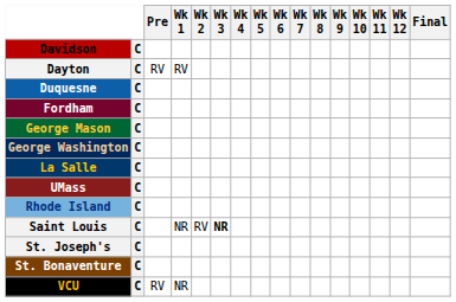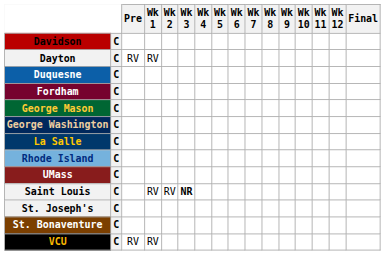 <table class="wikitable" style="white-space:nowrap;font-size:90%;">
 <tr>
 <th colspan=2 style="background:white; border-top-style:hidden; border-left-style:hidden;"> </th>
 <th>Pre</th>
 <th>Wk<br>1</th>
 <th>Wk<br>2</th>
 <th>Wk<br>3</th>
 <th>Wk<br>4</th>
 <th>Wk<br>5</th>
 <th>Wk<br>6</th>
 <th>Wk<br>7</th>
 <th>Wk<br>8</th>
 <th>Wk<br>9</th>
 <th>Wk<br>10</th>
 <th>Wk<br>11</th>
 <th>Wk<br>12</th>
 <th>Final</th>
 </tr>
 <tr style="text-align:center;">
 <th style="background:#BA0000; color:#000000;">Davidson</th>
 <th>C</th>
 <td style="background:#FFF;"></td>
 <td style="background:#FFF;"></td>
 <td style="background:#FFF;"></td>
 <td style="background:#FFF;"></td>
 <td style="background:#FFF;"></td>
 <td style="background:#FFF;"></td>
 <td style="background:#FFF;"></td>
 <td style="background:#FFF;"></td>
 <td style="background:#FFF;"></td>
 <td style="background:#FFF;"></td>
 <td style="background:#FFF;"></td>
 <td style="background:#FFF;"></td>
 <td style="background:#FFF;"></td>
 <td style="background:#FFF;"></td>
 </tr>
 <tr style="text-align:center;">
 <th style="background:#">Dayton</th>
 <th>C</th>
 <td style="background:#FFF;"> RV</td>
 <td style="background:#FFF;"> RV</td>
 <td style="background:#FFF;"></td>
 <td style="background:#FFF;"></td>
 <td style="background:#FFF;"></td>
 <td style="background:#FFF;"></td>
 <td style="background:#FFF;"></td>
 <td style="background:#FFF;"></td>
 <td style="background:#FFF;"></td>
 <td style="background:#FFF;"></td>
 <td style="background:#FFF;"></td>
 <td style="background:#FFF;"></td>
 <td style="background:#FFF;"></td>
 <td style="background:#FFF;"></td>
 </tr>
 <tr style="text-align:center;">
 <th style="background:#0C5FA8; color:white;">Duquesne</th>
 <th>C</th>
 <td style="background:#FFF;"></td>
 <td style="background:#FFF;"></td>
 <td style="background:#FFF;"></td>
 <td style="background:#FFF;"></td>
 <td style="background:#FFF;"></td>
 <td style="background:#FFF;"></td>
 <td style="background:#FFF;"></td>
 <td style="background:#FFF;"></td>
 <td style="background:#FFF;"></td>
 <td style="background:#FFF;"></td>
 <td style="background:#FFF;"></td>
 <td style="background:#FFF;"></td>
 <td style="background:#FFF;"></td>
 <td style="background:#FFF;"></td>
 </tr>
 <tr style="text-align:center;">
 <th style="background:#76032E; color:#FFFFFF;">Fordham</th>
 <th>C</th>
 <td style="background:#FFF;"></td>
 <td style="background:#FFF;"></td>
 <td style="background:#FFF;"></td>
 <td style="background:#FFF;"></td>
 <td style="background:#FFF;"></td>
 <td style="background:#FFF;"></td>
 <td style="background:#FFF;"></td>
 <td style="background:#FFF;"></td>
 <td style="background:#FFF;"></td>
 <td style="background:#FFF;"></td>
 <td style="background:#FFF;"></td>
 <td style="background:#FFF;"></td>
 <td style="background:#FFF;"></td>
 <td style="background:#FFF;"></td>
 </tr>
 <tr style="text-align:center;">
 <th style="background:#006633; color:#FFCC33;">George Mason</th>
 <th>C</th>
 <td style="background:#FFF;"></td>
 <td style="background:#FFF;"></td>
 <td style="background:#FFF;"></td>
 <td style="background:#FFF;"></td>
 <td style="background:#FFF;"></td>
 <td style="background:#FFF;"></td>
 <td style="background:#FFF;"></td>
 <td style="background:#FFF;"></td>
 <td style="background:#FFF;"></td>
 <td style="background:#FFF;"></td>
 <td style="background:#FFF;"></td>
 <td style="background:#FFF;"></td>
 <td style="background:#FFF;"></td>
 <td style="background:#FFF;"></td>
 </tr>
 <tr style="text-align:center;">
 <th style="background:#00285C; color:#EECFA1;">George Washington</th>
 <th>C</th>
 <td style="background:#FFF;"></td>
 <td style="background:#FFF;"></td>
 <td style="background:#FFF;"></td>
 <td style="background:#FFF;"></td>
 <td style="background:#FFF;"></td>
 <td style="background:#FFF;"></td>
 <td style="background:#FFF;"></td>
 <td style="background:#FFF;"></td>
 <td style="background:#FFF;"></td>
 <td style="background:#FFF;"></td>
 <td style="background:#FFF;"></td>
 <td style="background:#FFF;"></td>
 <td style="background:#FFF;"></td>
 <td style="background:#FFF;"></td>
 </tr>
 <tr style="text-align:center;">
 <th style="background:#00386B; color:#FFC700;">La Salle</th>
 <th>C</th>
 <td style="background:#FFF;"></td>
 <td style="background:#FFF;"></td>
 <td style="background:#FFF;"></td>
 <td style="background:#FFF;"></td>
 <td style="background:#FFF;"></td>
 <td style="background:#FFF;"></td>
 <td style="background:#FFF;"></td>
 <td style="background:#FFF;"></td>
 <td style="background:#FFF;"></td>
 <td style="background:#FFF;"></td>
 <td style="background:#FFF;"></td>
 <td style="background:#FFF;"></td>
 <td style="background:#FFF;"></td>
 <td style="background:#FFF;"></td>
 </tr>
 <tr style="text-align:center;">
-<th style="background:#881C1C; color:white;">UMass</th>
+<th style="background:#75B2DD; color:#002b7f;">Rhode Island</th>
 <th>C</th>
 <td style="background:#FFF;"></td>
 <td style="background:#FFF;"></td>
 <td style="background:#FFF;"></td>
 <td style="background:#FFF;"></td>
 <td style="background:#FFF;"></td>
 <td style="background:#FFF;"></td>
 <td style="background:#FFF;"></td>
 <td style="background:#FFF;"></td>
 <td style="background:#FFF;"></td>
 <td style="background:#FFF;"></td>
 <td style="background:#FFF;"></td>
 <td style="background:#FFF;"></td>
 <td style="background:#FFF;"></td>
 <td style="background:#FFF;"></td>
 </tr>
 <tr style="text-align:center;">
-<th style="background:#75B2DD; color:#002b7f;">Rhode Island</th>
+<th style="background:#881C1C; color:white;">UMass</th>
 <th>C</th>
 <td style="background:#FFF;"></td>
 <td style="background:#FFF;"></td>
 <td style="background:#FFF;"></td>
 <td style="background:#FFF;"></td>
 <td style="background:#FFF;"></td>
 <td style="background:#FFF;"></td>
 <td style="background:#FFF;"></td>
 <td style="background:#FFF;"></td>
 <td style="background:#FFF;"></td>
 <td style="background:#FFF;"></td>
 <td style="background:#FFF;"></td>
 <td style="background:#FFF;"></td>
 <td style="background:#FFF;"></td>
 <td style="background:#FFF;"></td>
 </tr>
 <tr style="text-align:center;">
 <th style="background:#">Saint Louis</th>
 <th>C</th>
 <td style="background:#FFF;"></td>
-<td style="background:#FFF;"> NR</td>
+<td style="background:#FFF;"> RV</td>
 <td style="background:#FFF;"> RV</td>
 <td style="background:#FFF;"><strong> NR</strong></td>
 <td style="background:#FFF;"></td>
 <td style="background:#FFF;"></td>
 <td style="background:#FFF;"></td>
 <td style="background:#FFF;"></td>
 <td style="background:#FFF;"></td>
 <td style="background:#FFF;"></td>
 <td style="background:#FFF;"></td>
 <td style="background:#FFF;"></td>
 <td style="background:#FFF;"></td>
 <td style="background:#FFF;"></td>
 </tr>
 <tr style="text-align:center;">
 <th style="background:#">St. Joseph's</th>
 <th>C</th>
 <td style="background:#FFF;"></td>
 <td style="background:#FFF;"></td>
 <td style="background:#FFF;"></td>
 <td style="background:#FFF;"></td>
 <td style="background:#FFF;"></td>
 <td style="background:#FFF;"></td>
 <td style="background:#FFF;"></td>
 <td style="background:#FFF;"></td>
 <td style="background:#FFF;"></td>
 <td style="background:#FFF;"></td>
 <td style="background:#FFF;"></td>
 <td style="background:#FFF;"></td>
 <td style="background:#FFF;"></td>
 <td style="background:#FFF;"></td>
 </tr>
 <tr style="text-align:center;">
 <th style="background:#7B3F00; color:#FFFFFF;">St. Bonaventure</th>
 <th>C</th>
 <td style="background:#FFF;"></td>
 <td style="background:#FFF;"></td>
 <td style="background:#FFF;"></td>
 <td style="background:#FFF;"></td>
 <td style="background:#FFF;"></td>
 <td style="background:#FFF;"></td>
 <td style="background:#FFF;"></td>
 <td style="background:#FFF;"></td>
 <td style="background:#FFF;"></td>
 <td style="background:#FFF;"></td>
 <td style="background:#FFF;"></td>
 <td style="background:#FFF;"></td>
 <td style="background:#FFF;"></td>
 <td style="background:#FFF;"></td>
 </tr>
 <tr style="text-align:center;">
 <th style="background:#000000; color:#F8B800;">VCU</th>
 <th>C</th>
 <td style="background:#FFF;"> RV</td>
-<td style="background:#FFF;"> NR</td>
+<td style="background:#FFF;"> RV</td>
 <td style="background:#FFF;"></td>
 <td style="background:#FFF;"></td>
 <td style="background:#FFF;"></td>
 <td style="background:#FFF;"></td>
 <td style="background:#FFF;"></td>
 <td style="background:#FFF;"></td>
 <td style="background:#FFF;"></td>
 <td style="background:#FFF;"></td>
 <td style="background:#FFF;"></td>
 <td style="background:#FFF;"></td>
 <td style="background:#FFF;"></td>
 <td style="background:#FFF;"></td>
 </tr>
 </table>
